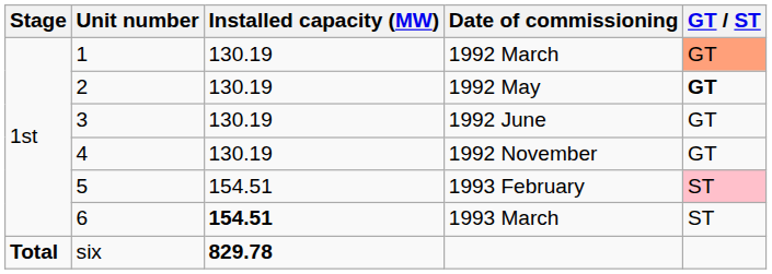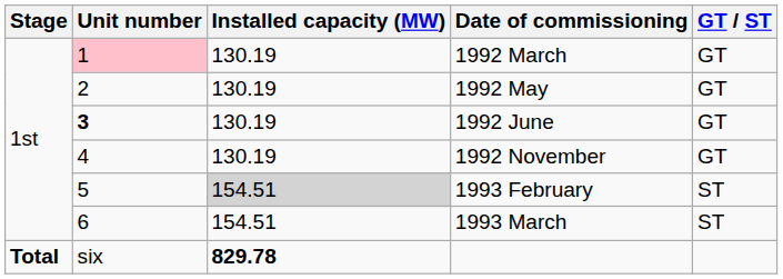 <table class="sortable wikitable">
 <tr>
 <th>Stage</th>
 <th>Unit number</th>
 <th>Installed capacity (<a href='#'>MW</a>)</th>
 <th>Date of commissioning</th>
 <th><a href='#'>GT</a> / <a href='#'>ST</a></th>
 </tr>
 <tr>
 <td rowspan="6">1st</td>
-<td>1</td>
+<td style="background: pink;">1</td>
 <td>130.19</td>
 <td>1992 March</td>
-<td style="background: lightsalmon;">GT</td>
+<td>GT</td>
 </tr>
 <tr>
 <td>2</td>
 <td>130.19</td>
 <td>1992 May</td>
-<td><strong>GT</strong></td>
+<td>GT</td>
 </tr>
 <tr>
-<td>3</td>
+<td><strong>3</strong></td>
 <td>130.19</td>
 <td>1992 June</td>
 <td>GT</td>
 </tr>
 <tr>
 <td>4</td>
 <td>130.19</td>
 <td>1992 November</td>
 <td>GT</td>
 </tr>
 <tr>
 <td>5</td>
-<td>154.51</td>
+<td style="background: lightgrey;">154.51</td>
 <td>1993 February</td>
-<td style="background: pink;">ST</td>
+<td>ST</td>
 </tr>
 <tr>
 <td>6</td>
-<td><strong>154.51</strong></td>
+<td>154.51</td>
 <td>1993 March</td>
 <td>ST</td>
 </tr>
 <tr>
 <td><strong>Total</strong></td>
 <td>six</td>
 <td><strong>829.78</strong></td>
 <td></td>
 <td></td>
 </tr>
 </table>
